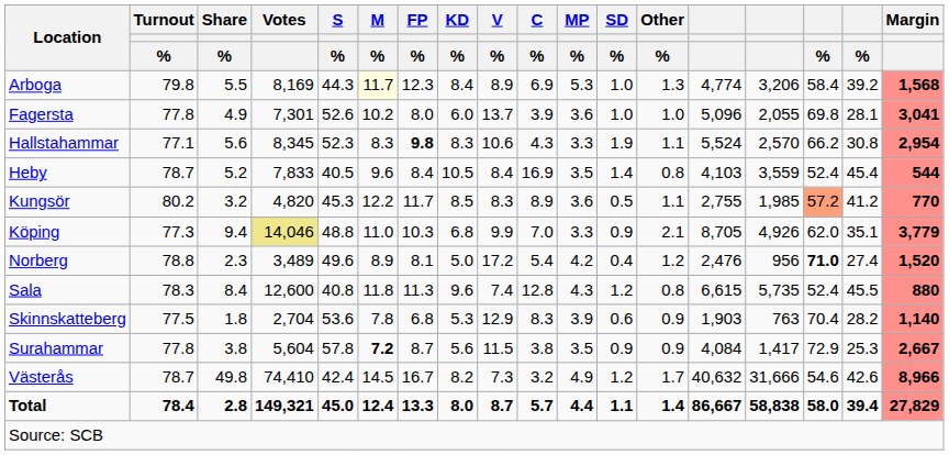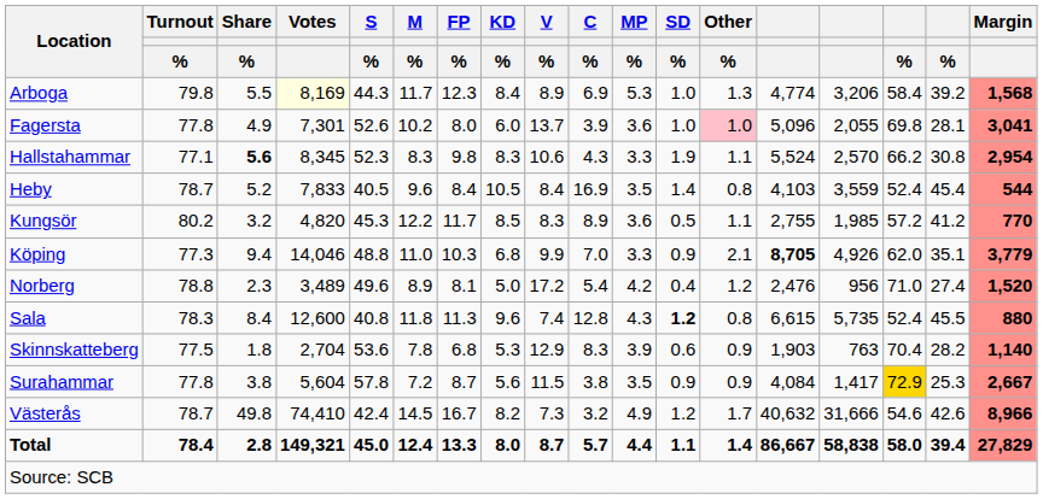 <table class="wikitable sortable" style="text-align:right; font-size:95%; line-height:20px;">
 <tr>
 <th rowspan="3">Location</th>
 <th>Turnout</th>
 <th>Share</th>
 <th>Votes</th>
 <th width="30px" class="unsortable"><a href='#'>S</a></th>
 <th width="30px" class="unsortable"><a href='#'>M</a></th>
 <th width="30px" class="unsortable"><a href='#'>FP</a></th>
 <th width="30px" class="unsortable"><a href='#'>KD</a></th>
 <th width="30px" class="unsortable"><a href='#'>V</a></th>
 <th width="30px" class="unsortable"><a href='#'>C</a></th>
 <th width="30px" class="unsortable"><a href='#'>MP</a></th>
 <th width="30px" class="unsortable"><a href='#'>SD</a></th>
 <th width="30px" class="unsortable">Other</th>
 <th></th>
 <th></th>
 <th></th>
 <th></th>
 <th>Margin</th>
 </tr>
 <tr>
 <th></th>
 <th></th>
 <th></th>
 <th style="background:"></th>
 <th style="background:"></th>
 <th style="background:"></th>
 <th style="background:"></th>
 <th style="background:"></th>
 <th style="background:"></th>
 <th style="background:"></th>
 <th style="background:"></th>
 <th style="background:"></th>
 <th style="background:"></th>
 <th style="background:"></th>
 <th style="background:"></th>
 <th style="background:"></th>
 <th></th>
 </tr>
 <tr>
 <th data-sort-type="number">%</th>
 <th data-sort-type="number">%</th>
 <th></th>
 <th data-sort-type="number">%</th>
 <th data-sort-type="number">%</th>
 <th data-sort-type="number">%</th>
 <th data-sort-type="number">%</th>
 <th data-sort-type="number">%</th>
 <th data-sort-type="number">%</th>
 <th data-sort-type="number">%</th>
 <th data-sort-type="number">%</th>
 <th data-sort-type="number">%</th>
 <th data-sort-type="number"></th>
 <th data-sort-type="number"></th>
 <th data-sort-type="number">%</th>
 <th data-sort-type="number">%</th>
 <th data-sort-type="number"></th>
 </tr>
 <tr>
 <td align=left><a href='#'>Arboga</a></td>
 <td>79.8</td>
 <td>5.5</td>
-<td>8,169</td>
+<td style="background: lightyellow;">8,169</td>
 <td>44.3</td>
-<td style="background: lightyellow;">11.7</td>
+<td>11.7</td>
 <td>12.3</td>
 <td>8.4</td>
 <td>8.9</td>
 <td>6.9</td>
 <td>5.3</td>
 <td>1.0</td>
 <td>1.3</td>
 <td>4,774</td>
 <td>3,206</td>
 <td>58.4</td>
 <td>39.2</td>
 <td bgcolor=#ff908c><strong>1,568</strong></td>
 </tr>
 <tr>
 <td align=left><a href='#'>Fagersta</a></td>
 <td>77.8</td>
 <td>4.9</td>
 <td>7,301</td>
 <td>52.6</td>
 <td>10.2</td>
 <td>8.0</td>
 <td>6.0</td>
 <td>13.7</td>
 <td>3.9</td>
 <td>3.6</td>
 <td>1.0</td>
-<td>1.0</td>
+<td style="background: pink;">1.0</td>
 <td>5,096</td>
 <td>2,055</td>
 <td>69.8</td>
 <td>28.1</td>
 <td bgcolor=#ff908c><strong>3,041</strong></td>
 </tr>
 <tr>
 <td align=left><a href='#'>Hallstahammar</a></td>
 <td>77.1</td>
-<td>5.6</td>
+<td><strong>5.6</strong></td>
 <td>8,345</td>
 <td>52.3</td>
 <td>8.3</td>
-<td><strong>9.8</strong></td>
+<td>9.8</td>
 <td>8.3</td>
 <td>10.6</td>
 <td>4.3</td>
 <td>3.3</td>
 <td>1.9</td>
 <td>1.1</td>
 <td>5,524</td>
 <td>2,570</td>
 <td>66.2</td>
 <td>30.8</td>
 <td bgcolor=#ff908c><strong>2,954</strong></td>
 </tr>
 <tr>
 <td align=left><a href='#'>Heby</a></td>
 <td>78.7</td>
 <td>5.2</td>
 <td>7,833</td>
 <td>40.5</td>
 <td>9.6</td>
 <td>8.4</td>
 <td>10.5</td>
 <td>8.4</td>
 <td>16.9</td>
 <td>3.5</td>
 <td>1.4</td>
 <td>0.8</td>
 <td>4,103</td>
 <td>3,559</td>
 <td>52.4</td>
 <td>45.4</td>
 <td bgcolor=#ff908c><strong>544</strong></td>
 </tr>
 <tr>
 <td align=left><a href='#'>Kungsör</a></td>
 <td>80.2</td>
 <td>3.2</td>
 <td>4,820</td>
 <td>45.3</td>
 <td>12.2</td>
 <td>11.7</td>
 <td>8.5</td>
 <td>8.3</td>
 <td>8.9</td>
 <td>3.6</td>
 <td>0.5</td>
 <td>1.1</td>
 <td>2,755</td>
 <td>1,985</td>
-<td style="background: lightsalmon;">57.2</td>
+<td>57.2</td>
 <td>41.2</td>
 <td bgcolor=#ff908c><strong>770</strong></td>
 </tr>
 <tr>
 <td align=left><a href='#'>Köping</a></td>
 <td>77.3</td>
 <td>9.4</td>
-<td style="background: khaki;">14,046</td>
+<td>14,046</td>
 <td>48.8</td>
 <td>11.0</td>
 <td>10.3</td>
 <td>6.8</td>
 <td>9.9</td>
 <td>7.0</td>
 <td>3.3</td>
 <td>0.9</td>
 <td>2.1</td>
-<td>8,705</td>
+<td><strong>8,705</strong></td>
 <td>4,926</td>
 <td>62.0</td>
 <td>35.1</td>
 <td bgcolor=#ff908c><strong>3,779</strong></td>
 </tr>
 <tr>
 <td align=left><a href='#'>Norberg</a></td>
 <td>78.8</td>
 <td>2.3</td>
 <td>3,489</td>
 <td>49.6</td>
 <td>8.9</td>
 <td>8.1</td>
 <td>5.0</td>
 <td>17.2</td>
 <td>5.4</td>
 <td>4.2</td>
 <td>0.4</td>
 <td>1.2</td>
 <td>2,476</td>
 <td>956</td>
-<td><strong>71.0</strong></td>
+<td>71.0</td>
 <td>27.4</td>
 <td bgcolor=#ff908c><strong>1,520</strong></td>
 </tr>
 <tr>
 <td align=left><a href='#'>Sala</a></td>
 <td>78.3</td>
 <td>8.4</td>
 <td>12,600</td>
 <td>40.8</td>
 <td>11.8</td>
 <td>11.3</td>
 <td>9.6</td>
 <td>7.4</td>
 <td>12.8</td>
 <td>4.3</td>
-<td>1.2</td>
+<td><strong>1.2</strong></td>
 <td>0.8</td>
 <td>6,615</td>
 <td>5,735</td>
 <td>52.4</td>
 <td>45.5</td>
 <td bgcolor=#ff908c><strong>880</strong></td>
 </tr>
 <tr>
 <td align=left><a href='#'>Skinnskatteberg</a></td>
 <td>77.5</td>
 <td>1.8</td>
 <td>2,704</td>
 <td>53.6</td>
 <td>7.8</td>
 <td>6.8</td>
 <td>5.3</td>
 <td>12.9</td>
 <td>8.3</td>
 <td>3.9</td>
 <td>0.6</td>
 <td>0.9</td>
 <td>1,903</td>
 <td>763</td>
 <td>70.4</td>
 <td>28.2</td>
 <td bgcolor=#ff908c><strong>1,140</strong></td>
 </tr>
 <tr>
 <td align=left><a href='#'>Surahammar</a></td>
 <td>77.8</td>
 <td>3.8</td>
 <td>5,604</td>
 <td>57.8</td>
-<td><strong>7.2</strong></td>
+<td>7.2</td>
 <td>8.7</td>
 <td>5.6</td>
 <td>11.5</td>
 <td>3.8</td>
 <td>3.5</td>
 <td>0.9</td>
 <td>0.9</td>
 <td>4,084</td>
 <td>1,417</td>
-<td>72.9</td>
+<td style="background: gold;">72.9</td>
 <td>25.3</td>
 <td bgcolor=#ff908c><strong>2,667</strong></td>
 </tr>
 <tr>
 <td align=left><a href='#'>Västerås</a></td>
 <td>78.7</td>
 <td>49.8</td>
 <td>74,410</td>
 <td>42.4</td>
 <td>14.5</td>
 <td>16.7</td>
 <td>8.2</td>
 <td>7.3</td>
 <td>3.2</td>
 <td>4.9</td>
 <td>1.2</td>
 <td>1.7</td>
 <td>40,632</td>
 <td>31,666</td>
 <td>54.6</td>
 <td>42.6</td>
 <td bgcolor=#ff908c><strong>8,966</strong></td>
 </tr>
 <tr>
 <td align=left><strong>Total</strong></td>
 <td><strong>78.4</strong></td>
 <td><strong>2.8</strong></td>
 <td><strong>149,321</strong></td>
 <td><strong>45.0</strong></td>
 <td><strong>12.4</strong></td>
 <td><strong>13.3</strong></td>
 <td><strong>8.0</strong></td>
 <td><strong>8.7</strong></td>
 <td><strong>5.7</strong></td>
 <td><strong>4.4</strong></td>
 <td><strong>1.1</strong></td>
 <td><strong>1.4</strong></td>
 <td><strong>86,667</strong></td>
 <td><strong>58,838</strong></td>
 <td><strong>58.0</strong></td>
 <td><strong>39.4</strong></td>
 <td bgcolor=#ff908c><strong>27,829</strong></td>
 </tr>
 <tr>
 <td align=left colspan=18>Source: SCB </td>
 </tr>
 </table>
